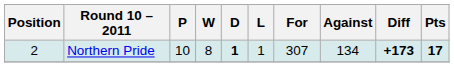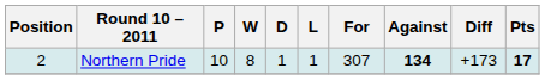 <table class="wikitable" style="text-align:center; font-size:85%;">
 <tr>
 <th width=40 abbr="Position">Position</th>
 <th width=100>Round 10 – 2011</th>
 <th width=20 abbr="Played">P</th>
 <th width=20 abbr="Won">W</th>
 <th width=20 abbr="Drawn">D</th>
 <th width=20 abbr="Lost">L</th>
 <th width=40 abbr="Points for">For</th>
 <th width=40 abbr="Points against">Against</th>
 <th width=40 abbr="Points difference">Diff</th>
 <th width=20 abbr="Points">Pts</th>
 </tr>
 <tr style="background: #d7ebed;">
 <td>2</td>
 <td style="text-align:left;"> <a href='#'>Northern Pride</a></td>
 <td>10</td>
 <td>8</td>
-<td><strong>1</strong></td>
+<td>1</td>
 <td>1</td>
 <td>307</td>
-<td>134</td>
-<td><strong>+173</strong></td>
+<td><strong>134</strong></td>
+<td>+173</td>
 <td><strong>17</strong></td>
 </tr>
 <tr>
 </tr>
 </table>
